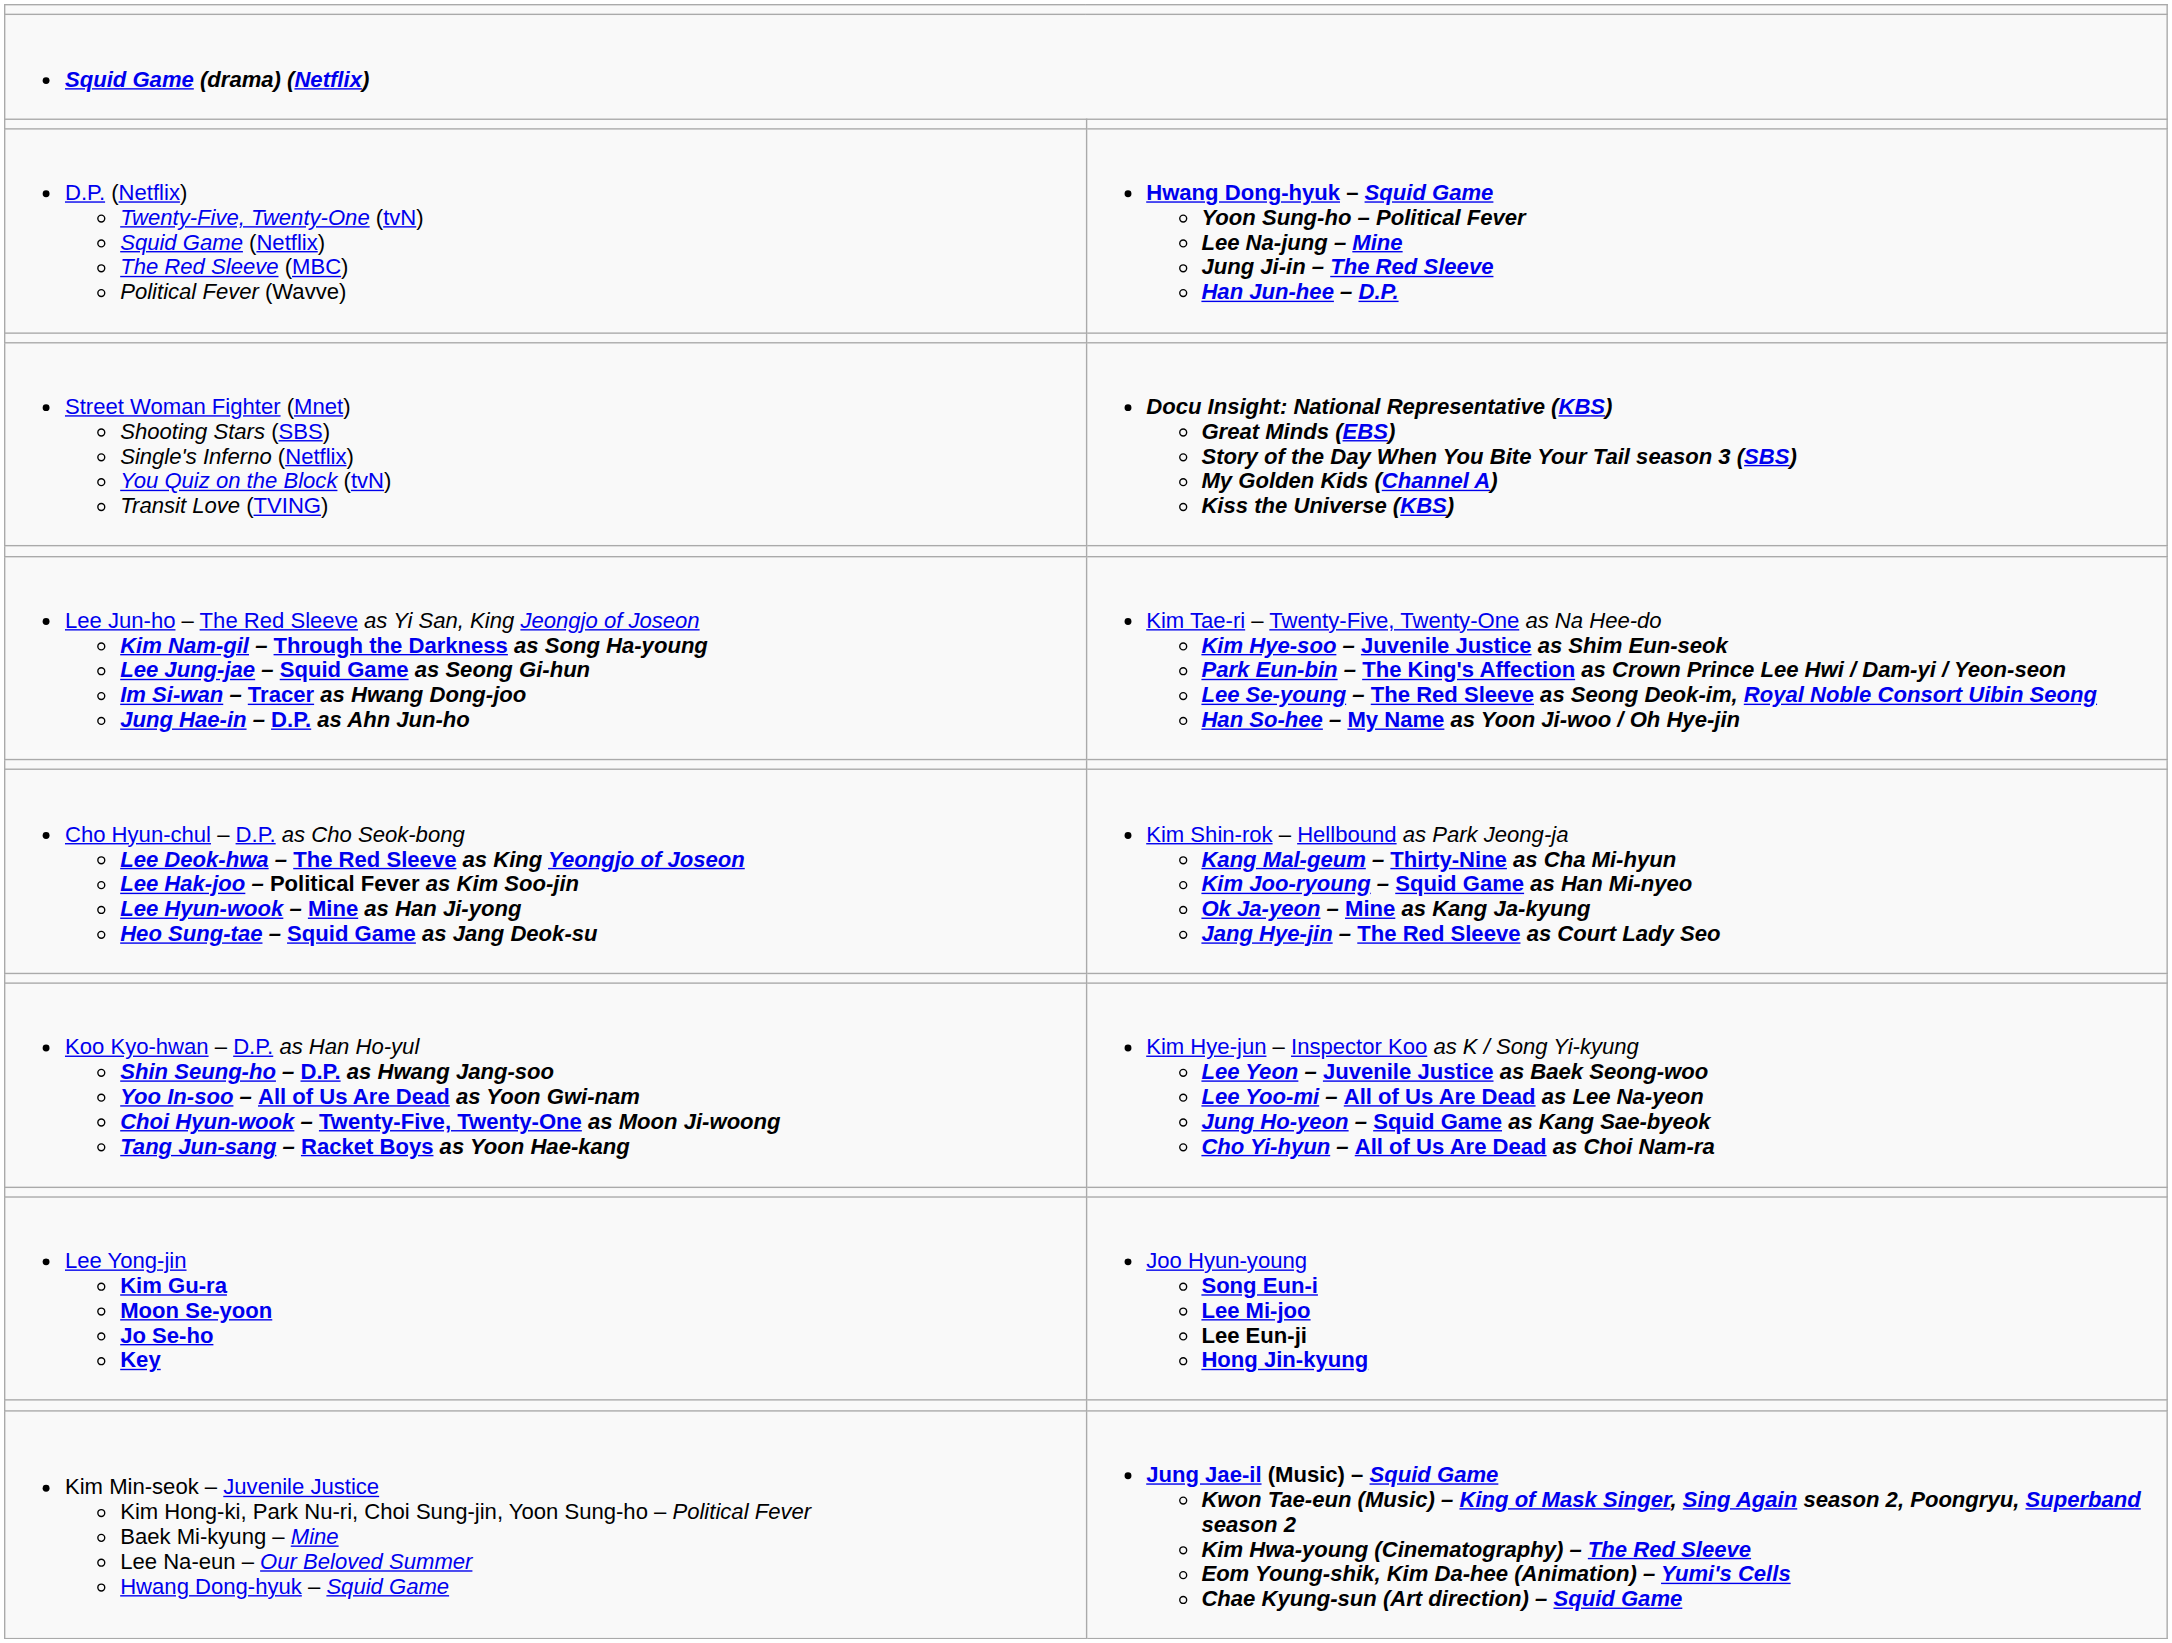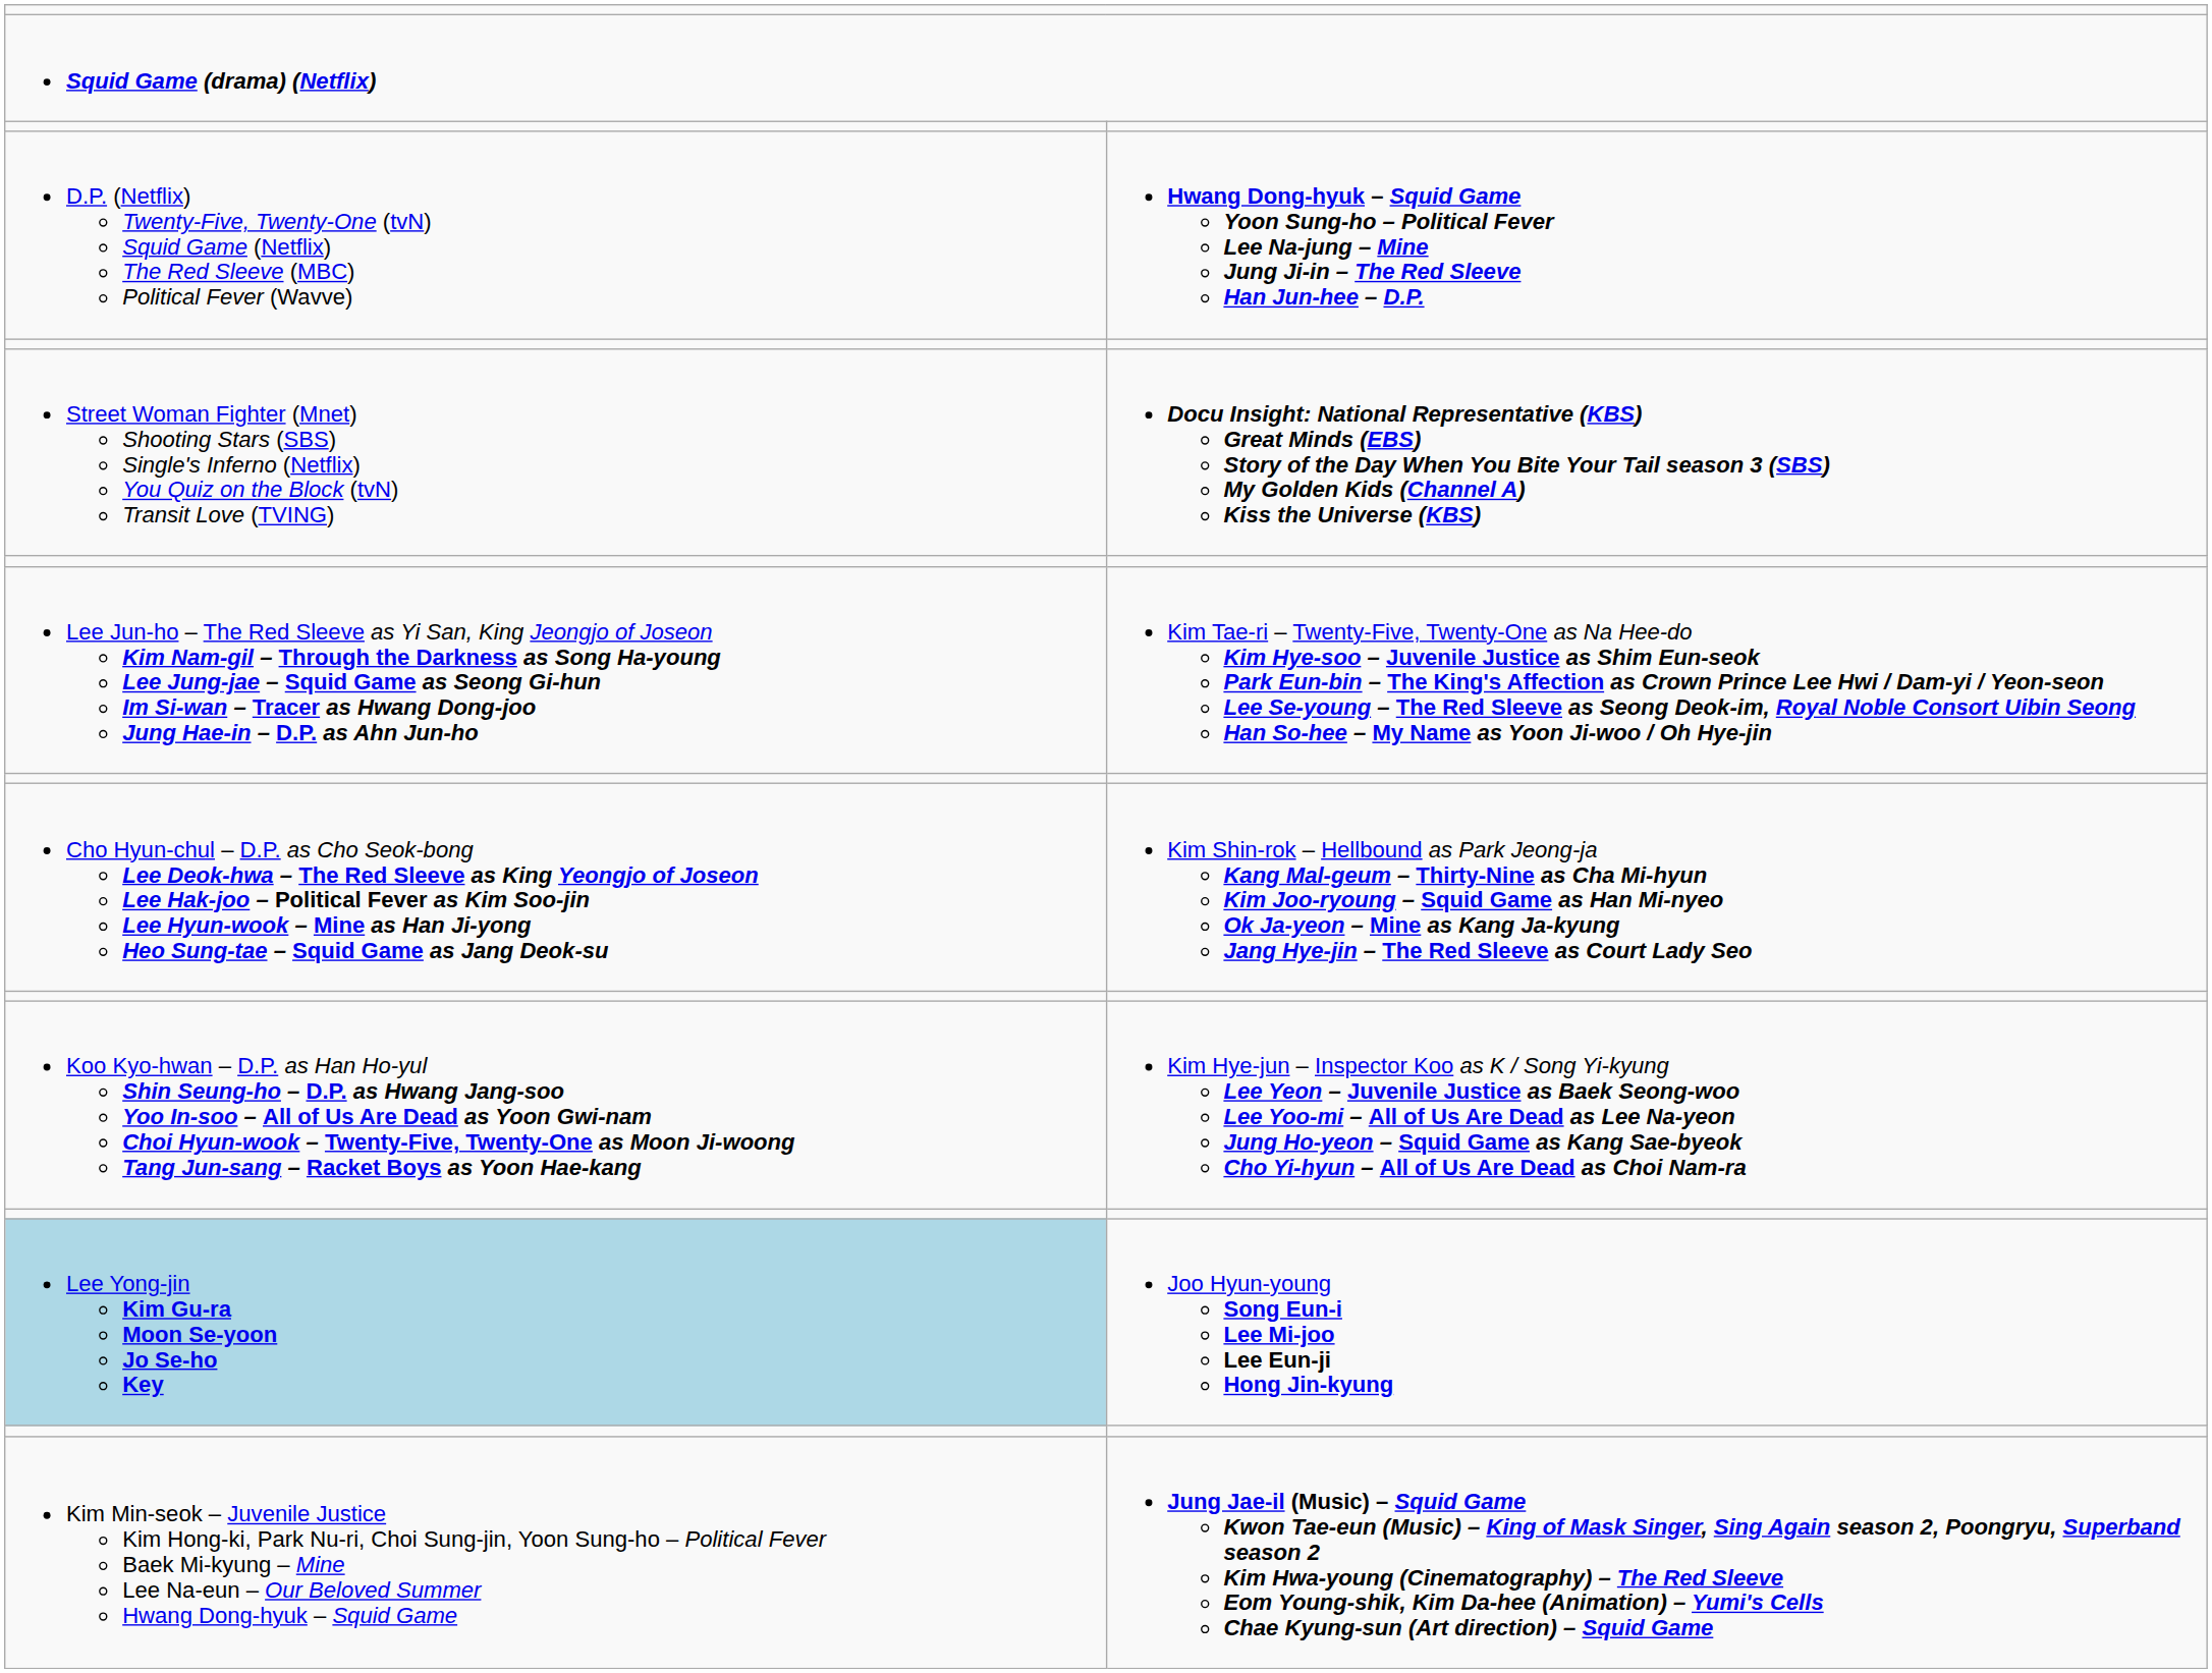 <table class="wikitable" align="center">
 <tr>
 <td colspan="2" style="vertical-align:top; width:100%;"></td>
 </tr>
 <tr>
 <td colspan="2" style="vertical-align:top"><br><ul><li><strong><em><a href='#'>Squid Game</a><em> (drama) (<a href='#'>Netflix</a>)<strong></li></ul></td>
 </tr>
 <tr>
 <td style="vertical-align:top; width:50%;"></td>
 <td style="vertical-align:top; width:50%;"></td>
 </tr>
 <tr>
 <td style="vertical-align:top"><br><ul><li></em></strong><a href='#'>D.P.</a></em> (<a href='#'>Netflix</a>)</strong><ul><li><em><a href='#'>Twenty-Five, Twenty-One</a></em> (<a href='#'>tvN</a>)</li><li><em><a href='#'>Squid Game</a></em> (<a href='#'>Netflix</a>)</li><li><em><a href='#'>The Red Sleeve</a></em> (<a href='#'>MBC</a>)</li><li><em>Political Fever</em> (Wavve)</li></ul></li></ul></td>
 <td style="vertical-align:top"><br><ul><li><strong><a href='#'>Hwang Dong-hyuk</a> – <em><a href='#'>Squid Game</a><strong><em><ul><li>Yoon Sung-ho – </em>Political Fever<em></li><li>Lee Na-jung – </em><a href='#'>Mine</a><em></li><li>Jung Ji-in – </em><a href='#'>The Red Sleeve</a><em></li><li><a href='#'>Han Jun-hee</a> – </em><a href='#'>D.P.</a><em></li></ul></li></ul></td>
 </tr>
 <tr>
 <td style="vertical-align:top; width:50%;"></td>
 <td style="vertical-align:top; width:50%;"></td>
 </tr>
 <tr>
 <td style="vertical-align:top"><br><ul><li></em></strong><a href='#'>Street Woman Fighter</a></em> (<a href='#'>Mnet</a>)</strong><ul><li><em>Shooting Stars</em> (<a href='#'>SBS</a>)</li><li><em>Single's Inferno</em> (<a href='#'>Netflix</a>)</li><li><em><a href='#'>You Quiz on the Block</a></em> (<a href='#'>tvN</a>)</li><li><em>Transit Love</em> (<a href='#'>TVING</a>)</li></ul></li></ul></td>
 <td style="vertical-align:top"><br><ul><li><strong><em>Docu Insight: National Representative<em> (<a href='#'>KBS</a>)<strong><ul><li></em>Great Minds<em> (<a href='#'>EBS</a>)</li><li></em>Story of the Day When You Bite Your Tail<em> season 3 (<a href='#'>SBS</a>)</li><li></em>My Golden Kids<em> (<a href='#'>Channel A</a>)</li><li></em>Kiss the Universe<em> (<a href='#'>KBS</a>)</li></ul></li></ul></td>
 </tr>
 <tr>
 <td></td>
 <td></td>
 </tr>
 <tr>
 <td style="vertical-align:top"><br><ul><li></strong><a href='#'>Lee Jun-ho</a> – </em><a href='#'>The Red Sleeve</a><em> as Yi San, King <a href='#'>Jeongjo of Joseon</a><strong><ul><li><a href='#'>Kim Nam-gil</a> – <a href='#'></em>Through the Darkness<em></a> as Song Ha-young</li><li><a href='#'>Lee Jung-jae</a> – </em><a href='#'>Squid Game</a><em> as Seong Gi-hun</li><li><a href='#'>Im Si-wan</a> – <a href='#'></em>Tracer<em></a> as Hwang Dong-joo</li><li><a href='#'>Jung Hae-in</a> – <a href='#'></em>D.P.<em></a> as Ahn Jun-ho</li></ul></li></ul></td>
 <td><br><ul><li></strong><a href='#'>Kim Tae-ri</a> – <a href='#'></em>Twenty-Five, Twenty-One<em></a> as Na Hee-do<strong><ul><li><a href='#'>Kim Hye-soo</a> – </em><a href='#'>Juvenile Justice</a><em> as Shim Eun-seok</li><li><a href='#'>Park Eun-bin</a> – </em><a href='#'>The King's Affection</a><em> as Crown Prince Lee Hwi / Dam-yi / Yeon-seon</li><li><a href='#'>Lee Se-young</a> – </em><a href='#'>The Red Sleeve</a><em> as Seong Deok-im, <a href='#'>Royal Noble Consort Uibin Seong</a></li><li><a href='#'>Han So-hee</a> – <a href='#'></em>My Name<em></a> as Yoon Ji-woo / Oh Hye-jin</li></ul></li></ul></td>
 </tr>
 <tr>
 <td></td>
 <td></td>
 </tr>
 <tr>
 <td><br><ul><li></strong><a href='#'>Cho Hyun-chul</a> – <a href='#'></em>D.P.<em></a> as Cho Seok-bong<strong><ul><li><a href='#'>Lee Deok-hwa</a> – </em><a href='#'>The Red Sleeve</a><em> as King <a href='#'>Yeongjo of Joseon</a></li><li><a href='#'>Lee Hak-joo</a> – </em>Political Fever<em> as Kim Soo-jin</li><li><a href='#'>Lee Hyun-wook</a> – <a href='#'></em>Mine<em></a> as Han Ji-yong</li><li><a href='#'>Heo Sung-tae</a> – </em><a href='#'>Squid Game</a><em> as Jang Deok-su</li></ul></li></ul></td>
 <td><br><ul><li></strong><a href='#'>Kim Shin-rok</a> – <a href='#'></em>Hellbound<em></a> as Park Jeong-ja<strong><ul><li><a href='#'>Kang Mal-geum</a> – </em><a href='#'>Thirty-Nine</a><em> as Cha Mi-hyun</li><li><a href='#'>Kim Joo-ryoung</a> – </em><a href='#'>Squid Game</a><em> as Han Mi-nyeo</li><li><a href='#'>Ok Ja-yeon</a> – <a href='#'></em>Mine<em></a> as Kang Ja-kyung</li><li><a href='#'>Jang Hye-jin</a> – </em><a href='#'>The Red Sleeve</a><em> as Court Lady Seo</li></ul></li></ul></td>
 </tr>
 <tr>
 <td></td>
 <td></td>
 </tr>
 <tr>
 <td><br><ul><li></strong><a href='#'>Koo Kyo-hwan</a> – <a href='#'></em>D.P.<em></a> as Han Ho-yul<strong><ul><li><a href='#'>Shin Seung-ho</a> – <a href='#'></em>D.P.<em></a> as Hwang Jang-soo</li><li><a href='#'>Yoo In-soo</a> – </em><a href='#'>All of Us Are Dead</a><em> as Yoon Gwi-nam</li><li><a href='#'>Choi Hyun-wook</a> – <a href='#'></em>Twenty-Five, Twenty-One<em></a> as Moon Ji-woong</li><li><a href='#'>Tang Jun-sang</a> – </em><a href='#'>Racket Boys</a><em> as Yoon Hae-kang</li></ul></li></ul></td>
 <td><br><ul><li></strong><a href='#'>Kim Hye-jun</a> – </em><a href='#'>Inspector Koo</a><em> as K / Song Yi-kyung<strong><ul><li><a href='#'>Lee Yeon</a> – </em><a href='#'>Juvenile Justice</a><em> as Baek Seong-woo</li><li><a href='#'>Lee Yoo-mi</a> – </em><a href='#'>All of Us Are Dead</a><em> as Lee Na-yeon</li><li><a href='#'>Jung Ho-yeon</a> – </em><a href='#'>Squid Game</a><em> as Kang Sae-byeok</li><li><a href='#'>Cho Yi-hyun</a> – </em><a href='#'>All of Us Are Dead</a><em> as Choi Nam-ra</li></ul></li></ul></td>
 </tr>
 <tr>
 <td></td>
 <td></td>
 </tr>
 <tr>
-<td><br><ul><li></strong><a href='#'>Lee Yong-jin</a><strong><ul><li><a href='#'>Kim Gu-ra</a></li><li><a href='#'>Moon Se-yoon</a></li><li><a href='#'>Jo Se-ho</a></li><li><a href='#'>Key</a></li></ul></li></ul></td>
+<td style="background: lightblue;"><br><ul><li></strong><a href='#'>Lee Yong-jin</a><strong><ul><li><a href='#'>Kim Gu-ra</a></li><li><a href='#'>Moon Se-yoon</a></li><li><a href='#'>Jo Se-ho</a></li><li><a href='#'>Key</a></li></ul></li></ul></td>
 <td><br><ul><li></strong><a href='#'>Joo Hyun-young</a><strong><ul><li><a href='#'>Song Eun-i</a></li><li><a href='#'>Lee Mi-joo</a></li><li>Lee Eun-ji</li><li><a href='#'>Hong Jin-kyung</a></li></ul></li></ul></td>
 </tr>
 <tr>
 <td></td>
 <td></td>
 </tr>
 <tr>
 <td><br><ul><li></strong>Kim Min-seok – </em><a href='#'>Juvenile Justice</a></em></strong><ul><li>Kim Hong-ki, Park Nu-ri, Choi Sung-jin, Yoon Sung-ho – <em>Political Fever</em></li><li>Baek Mi-kyung – <a href='#'><em>Mine</em></a></li><li>Lee Na-eun – <em><a href='#'>Our Beloved Summer</a></em></li><li><a href='#'>Hwang Dong-hyuk</a> – <em><a href='#'>Squid Game</a></em></li></ul></li></ul></td>
 <td><br><ul><li><strong><a href='#'>Jung Jae-il</a> (Music) – <em><a href='#'>Squid Game</a><strong><em><ul><li>Kwon Tae-eun (Music) – </em><a href='#'>King of Mask Singer</a><em>, </em><a href='#'>Sing Again</a><em> season 2, </em>Poongryu<em>, <a href='#'></em>Superband<em></a> season 2</li><li>Kim Hwa-young (Cinematography) – </em><a href='#'>The Red Sleeve</a><em></li><li>Eom Young-shik, Kim Da-hee (Animation) – </em><a href='#'>Yumi's Cells</a><em></li><li>Chae Kyung-sun (Art direction) – </em><a href='#'>Squid Game</a><em></li></ul></li></ul></td>
 </tr>
 </table>
